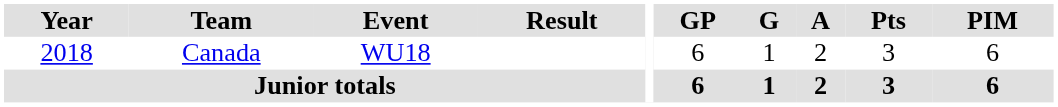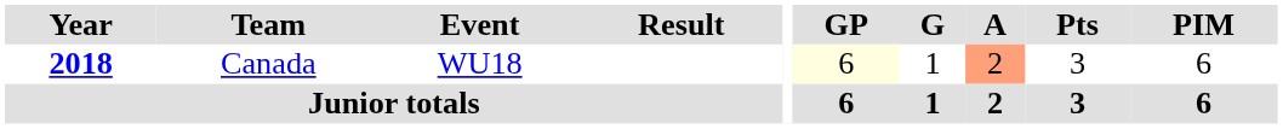 <table border="0" cellpadding="1" cellspacing="0" ID="Table3" style="text-align:center; width:40em;">
 <tr bgcolor="#e0e0e0">
 <th>Year</th>
 <th>Team</th>
 <th>Event</th>
 <th>Result</th>
 <th rowspan="102" bgcolor="#ffffff"></th>
 <th>GP</th>
 <th>G</th>
 <th>A</th>
 <th>Pts</th>
 <th>PIM</th>
 </tr>
 <tr>
-<td><a href='#'>2018</a></td>
+<td><strong><a href='#'>2018</a></strong></td>
 <td><a href='#'>Canada</a></td>
 <td><a href='#'>WU18</a></td>
 <td></td>
-<td>6</td>
+<td style="background: lightyellow;">6</td>
 <td>1</td>
-<td>2</td>
+<td style="background: lightsalmon;">2</td>
 <td>3</td>
 <td>6</td>
 </tr>
 <tr bgcolor="#e0e0e0">
 <th colspan="4">Junior totals</th>
 <th>6</th>
 <th>1</th>
 <th>2</th>
 <th>3</th>
 <th>6</th>
 </tr>
 </table>
